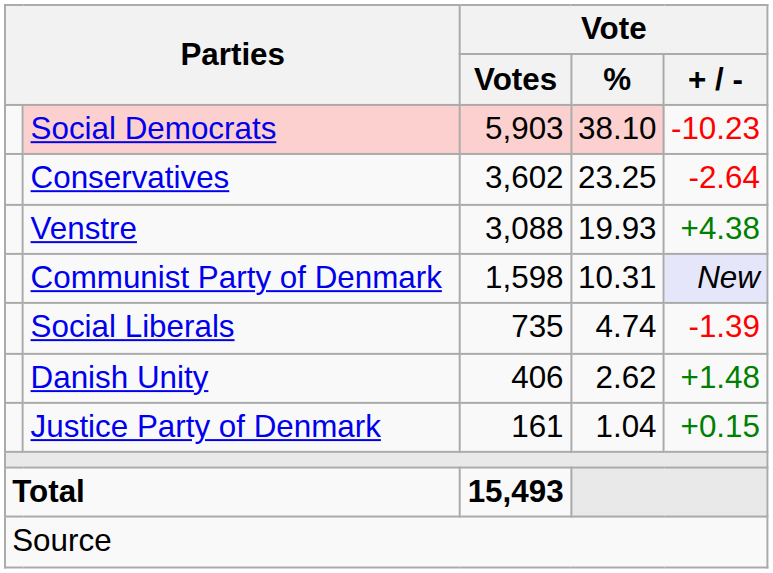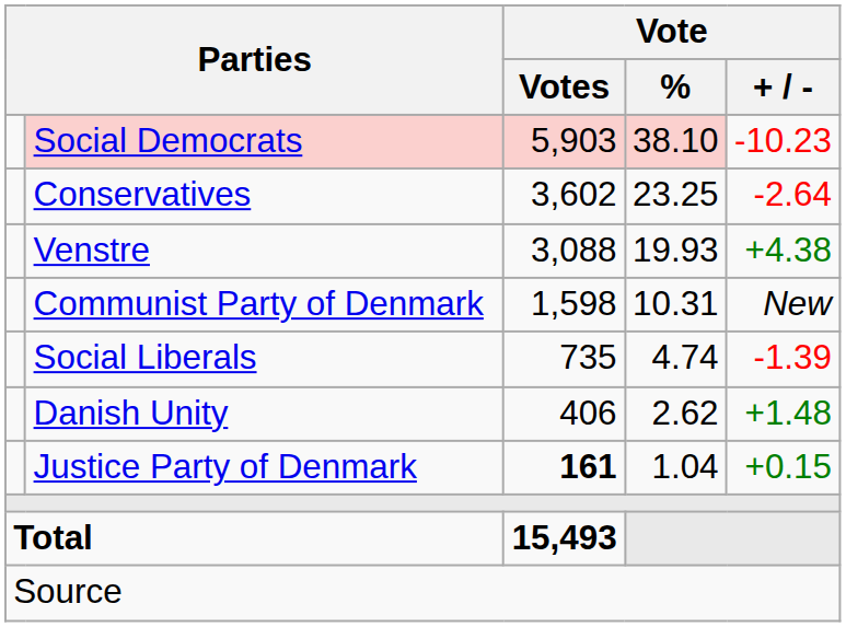 <table class="wikitable" style="text-align:right;">
 <tr>
 <th style="text-align:centre;" rowspan="2" colspan="2" width="225">Parties</th>
 <th colspan="3">Vote</th>
 </tr>
 <tr>
 <th width="15">Votes</th>
 <th width="15">%</th>
 <th width="15">+ / -</th>
 </tr>
 <tr>
 <td width="2" style="color:inherit;background:"></td>
 <td bgcolor=#fbd0ce  align="left"><a href='#'>Social Democrats</a></td>
 <td bgcolor=#fbd0ce>5,903</td>
 <td bgcolor=#fbd0ce>38.10</td>
 <td style=color:red;>-10.23</td>
 </tr>
 <tr>
 <td width="2" style="color:inherit;background:"></td>
 <td align="left"><a href='#'>Conservatives</a></td>
 <td>3,602</td>
 <td>23.25</td>
 <td style=color:red;>-2.64</td>
 </tr>
 <tr>
 <td width="2" style="color:inherit;background:"></td>
 <td align="left"><a href='#'>Venstre</a></td>
 <td>3,088</td>
 <td>19.93</td>
 <td style=color:green;>+4.38</td>
 </tr>
 <tr>
 <td width="2" style="color:inherit;background:"></td>
 <td align="left"><a href='#'>Communist Party of Denmark</a></td>
 <td>1,598</td>
 <td>10.31</td>
-<td style="background: lavender;"><em>New</em></td>
+<td><em>New</em></td>
 </tr>
 <tr>
 <td width="2" style="color:inherit;background:"></td>
 <td align="left"><a href='#'>Social Liberals</a></td>
 <td>735</td>
 <td>4.74</td>
 <td style=color:red;>-1.39</td>
 </tr>
 <tr>
 <td width="2" style="color:inherit;background:"></td>
 <td align="left"><a href='#'>Danish Unity</a></td>
 <td>406</td>
 <td>2.62</td>
 <td style=color:green;>+1.48</td>
 </tr>
 <tr>
 <td width="2" style="color:inherit;background:"></td>
 <td align="left"><a href='#'>Justice Party of Denmark</a></td>
-<td>161</td>
+<td><strong>161</strong></td>
 <td>1.04</td>
 <td style=color:green;>+0.15</td>
 </tr>
 <tr>
 <td colspan="7" bgcolor="#E9E9E9"></td>
 </tr>
 <tr>
 <td align="left" colspan="2"><strong>Total</strong></td>
 <td><strong>15,493</strong></td>
 <td bgcolor="#E9E9E9" colspan="2"></td>
 </tr>
 <tr>
 <td align="left" colspan="6">Source</td>
 </tr>
 </table>
